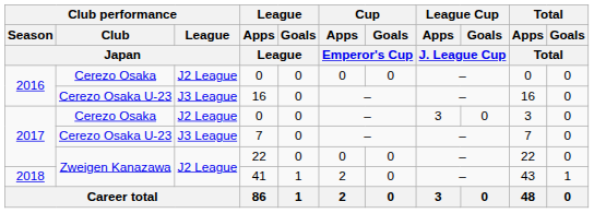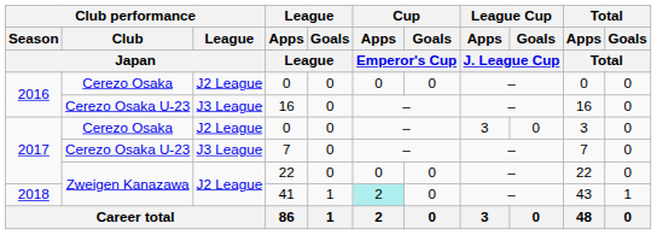 <table class="wikitable" style="text-align:center">
 <tr>
 <th colspan=3>Club performance</th>
 <th colspan=2>League</th>
 <th colspan=2>Cup</th>
 <th colspan=2>League Cup</th>
 <th colspan=2>Total</th>
 </tr>
 <tr>
 <th>Season</th>
 <th>Club</th>
 <th>League</th>
 <th>Apps</th>
 <th>Goals</th>
 <th>Apps</th>
 <th>Goals</th>
 <th>Apps</th>
 <th>Goals</th>
 <th>Apps</th>
 <th>Goals</th>
 </tr>
 <tr>
 <th colspan=3>Japan</th>
 <th colspan=2>League</th>
 <th colspan=2><a href='#'>Emperor's Cup</a></th>
 <th colspan=2><a href='#'>J. League Cup</a></th>
 <th colspan=2>Total</th>
 </tr>
 <tr>
 <td rowspan="2"><a href='#'>2016</a></td>
 <td><a href='#'>Cerezo Osaka</a></td>
 <td><a href='#'>J2 League</a></td>
 <td>0</td>
 <td>0</td>
 <td>0</td>
 <td>0</td>
 <td colspan="2">–</td>
 <td>0</td>
 <td>0</td>
 </tr>
 <tr>
 <td><a href='#'>Cerezo Osaka U-23</a></td>
 <td><a href='#'>J3 League</a></td>
 <td>16</td>
 <td>0</td>
 <td colspan="2">–</td>
 <td colspan="2">–</td>
 <td>16</td>
 <td>0</td>
 </tr>
 <tr>
 <td rowspan="3"><a href='#'>2017</a></td>
 <td><a href='#'>Cerezo Osaka</a></td>
 <td><a href='#'>J2 League</a></td>
 <td>0</td>
 <td>0</td>
 <td colspan="2">–</td>
 <td>3</td>
 <td>0</td>
 <td>3</td>
 <td>0</td>
 </tr>
 <tr>
 <td><a href='#'>Cerezo Osaka U-23</a></td>
 <td><a href='#'>J3 League</a></td>
 <td>7</td>
 <td>0</td>
 <td colspan="2">–</td>
 <td colspan="2">–</td>
 <td>7</td>
 <td>0</td>
 </tr>
 <tr>
 <td rowspan=2><a href='#'>Zweigen Kanazawa</a></td>
 <td rowspan=2><a href='#'>J2 League</a></td>
 <td>22</td>
 <td>0</td>
 <td>0</td>
 <td>0</td>
 <td colspan="2">–</td>
 <td>22</td>
 <td>0</td>
 </tr>
 <tr>
 <td><a href='#'>2018</a></td>
 <td>41</td>
 <td>1</td>
-<td>2</td>
+<td style="background: paleturquoise;">2</td>
 <td>0</td>
 <td colspan="2">–</td>
 <td>43</td>
 <td>1</td>
 </tr>
 <tr>
 <th colspan=3>Career total</th>
 <th>86</th>
 <th>1</th>
 <th>2</th>
 <th>0</th>
 <th>3</th>
 <th>0</th>
 <th>48</th>
 <th>0</th>
 </tr>
 </table>
